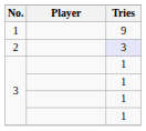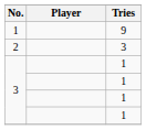 <table class="wikitable sortable" style="text-align:center">
 <tr>
 </tr>
 <tr>
 <th width=25>No.</th>
 <th width=110>Player</th>
 <th width=45>Tries</th>
 </tr>
 <tr>
 <td>1</td>
 <td></td>
 <td>9</td>
 </tr>
 <tr>
 <td>2</td>
 <td></td>
-<td style="background: lavender;">3</td>
+<td>3</td>
 </tr>
 <tr>
 <td rowspan=4>3</td>
 <td></td>
 <td>1</td>
 </tr>
 <tr>
 <td></td>
 <td>1</td>
 </tr>
 <tr>
 <td></td>
 <td>1</td>
 </tr>
 <tr>
 <td></td>
 <td>1</td>
 </tr>
 <tr>
 </tr>
 </table>
